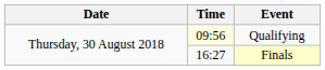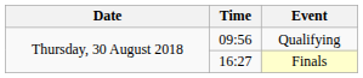 <table class = "wikitable" style="text-align:center;">
 <tr>
 <th width=220>Date</th>
 <th width=50>Time</th>
 <th width=100>Event</th>
 </tr>
 <tr>
 <td rowspan=2>Thursday, 30 August 2018</td>
-<td style="background: lightyellow;">09:56</td>
+<td>09:56</td>
 <td>Qualifying</td>
 </tr>
 <tr>
 <td>16:27</td>
 <td bgcolor=ffffcc>Finals</td>
 </tr>
 </table>
